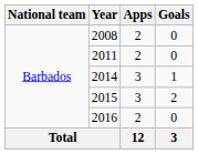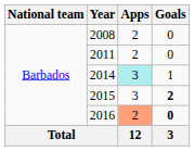 <table class="wikitable" style="text-align: center;">
 <tr>
 <th>National team</th>
 <th>Year</th>
 <th>Apps</th>
 <th>Goals</th>
 </tr>
 <tr>
 <td rowspan="5"><a href='#'>Barbados</a></td>
 <td>2008</td>
 <td>2</td>
 <td>0</td>
 </tr>
 <tr>
 <td>2011</td>
 <td>2</td>
 <td>0</td>
 </tr>
 <tr>
 <td>2014</td>
-<td>3</td>
+<td style="background: paleturquoise;">3</td>
 <td>1</td>
 </tr>
 <tr>
 <td>2015</td>
 <td>3</td>
-<td>2</td>
+<td><strong>2</strong></td>
 </tr>
 <tr>
 <td>2016</td>
-<td>2</td>
-<td>0</td>
+<td style="background: lightsalmon;">2</td>
+<td><strong>0</strong></td>
 </tr>
 <tr>
 <th colspan="2">Total</th>
 <th>12</th>
 <th>3</th>
 </tr>
 </table>
